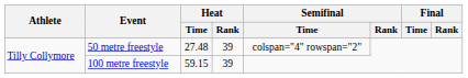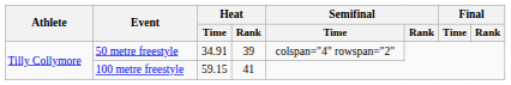 <table class="wikitable" style="text-align:center; font-size:90%; width:50%;">
 <tr>
 <th rowspan="2">Athlete</th>
 <th rowspan="2">Event</th>
 <th colspan="2">Heat</th>
 <th colspan="2">Semifinal</th>
 <th colspan="2">Final</th>
 </tr>
 <tr style="font-size:95%">
 <th>Time</th>
 <th>Rank</th>
 <th>Time</th>
 <th>Rank</th>
 <th>Time</th>
 <th>Rank</th>
 </tr>
 <tr>
 <td align=left rowspan=2><a href='#'>Tilly Collymore</a></td>
 <td align=left><a href='#'>50 metre freestyle</a></td>
-<td>27.48</td>
+<td>34.91</td>
 <td>39</td>
 <td>colspan="4" rowspan="2" </td>
 </tr>
 <tr>
 <td align=left><a href='#'>100 metre freestyle</a></td>
 <td>59.15</td>
-<td>39</td>
+<td>41</td>
 </tr>
 </table>
